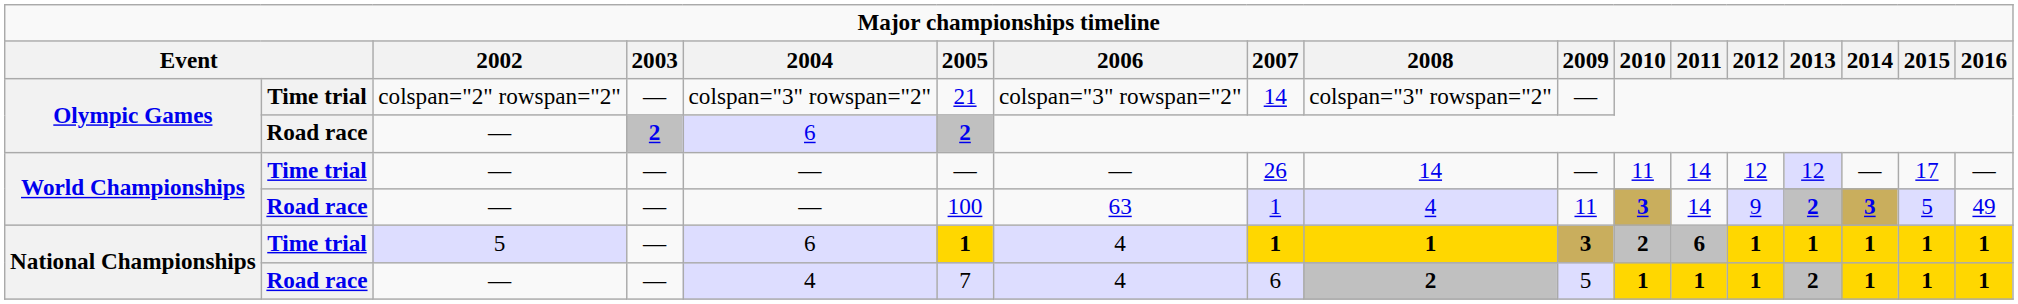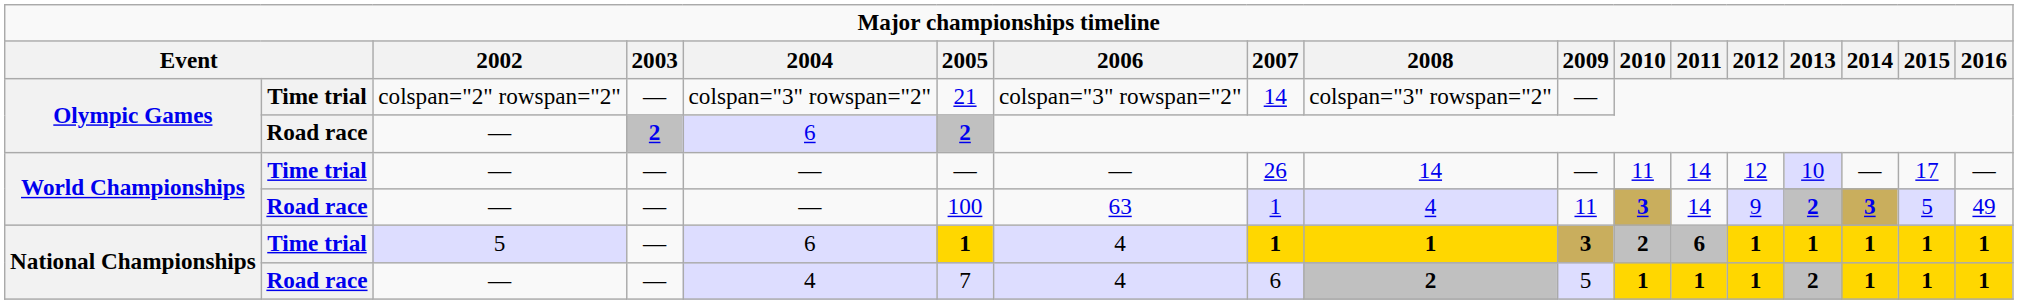 <table class="wikitable plainrowheaders">
 <tr>
 <td colspan=17 align=center><strong>Major championships timeline</strong></td>
 </tr>
 <tr>
 <th scope="col" colspan=2>Event</th>
 <th scope="col">2002</th>
 <th scope="col">2003</th>
 <th scope="col">2004</th>
 <th scope="col">2005</th>
 <th scope="col">2006</th>
 <th scope="col">2007</th>
 <th scope="col">2008</th>
 <th scope="col">2009</th>
 <th scope="col">2010</th>
 <th scope="col">2011</th>
 <th scope="col">2012</th>
 <th scope="col">2013</th>
 <th scope="col">2014</th>
 <th scope="col">2015</th>
 <th scope="col">2016</th>
 </tr>
 <tr style="text-align:center;">
 <th scope="row" rowspan=2> <a href='#'>Olympic Games</a></th>
 <th scope="row">Time trial</th>
 <td>colspan="2" rowspan="2" </td>
 <td>—</td>
 <td>colspan="3" rowspan="2" </td>
 <td><a href='#'>21</a></td>
 <td>colspan="3" rowspan="2" </td>
 <td><a href='#'>14</a></td>
 <td>colspan="3" rowspan="2" </td>
 <td>—</td>
 </tr>
 <tr style="text-align:center;">
 <th scope="row">Road race</th>
 <td>—</td>
 <td style="background:silver;"><strong><a href='#'>2</a></strong></td>
 <td style="background:#ddf;"><a href='#'>6</a></td>
 <td style="background:silver;"><strong><a href='#'>2</a></strong></td>
 </tr>
 <tr style="text-align:center;">
 <th scope="row" rowspan=2> <a href='#'>World Championships</a></th>
 <th scope="row"><a href='#'>Time trial</a></th>
 <td>—</td>
 <td>—</td>
 <td>—</td>
 <td>—</td>
 <td>—</td>
 <td><a href='#'>26</a></td>
 <td><a href='#'>14</a></td>
 <td>—</td>
 <td><a href='#'>11</a></td>
 <td><a href='#'>14</a></td>
 <td><a href='#'>12</a></td>
-<td style="background:#ddf;"><a href='#'>12</a></td>
+<td style="background:#ddf;"><a href='#'>10</a></td>
 <td>—</td>
 <td><a href='#'>17</a></td>
 <td>—</td>
 </tr>
 <tr style="text-align:center;">
 <th scope="row"><a href='#'>Road race</a></th>
 <td>—</td>
 <td>—</td>
 <td>—</td>
 <td><a href='#'>100</a></td>
 <td><a href='#'>63</a></td>
 <td style="background:#ddf;"><a href='#'>1</a></td>
 <td style="background:#ddf;"><a href='#'>4</a></td>
 <td><a href='#'>11</a></td>
 <td style="background:#C9AE5D;"><a href='#'><strong>3</strong></a></td>
 <td><a href='#'>14</a></td>
 <td style="background:#ddf;"><a href='#'>9</a></td>
 <td style="background:#C0C0C0;"><a href='#'><strong>2</strong></a></td>
 <td style="background:#C9AE5D;"><a href='#'><strong>3</strong></a></td>
 <td style="background:#ddf;"><a href='#'>5</a></td>
 <td><a href='#'>49</a></td>
 </tr>
 <tr style="text-align:center;">
 <th scope="row" rowspan=2> National Championships</th>
 <th scope="row"><a href='#'>Time trial</a></th>
 <td style="background:#ddf;">5</td>
 <td>—</td>
 <td style="background:#ddf;">6</td>
 <td style="background:gold;"><strong>1</strong></td>
 <td style="background:#ddf;">4</td>
 <td style="background:gold;"><strong>1</strong></td>
 <td style="background:gold;"><strong>1</strong></td>
 <td style="background:#C9AE5D;"><strong>3</strong></td>
 <td style="background:#C0C0C0;"><strong>2</strong></td>
 <td style="background:#C0C0C0;"><strong>6</strong></td>
 <td style="background:gold;"><strong>1</strong></td>
 <td style="background:gold;"><strong>1</strong></td>
 <td style="background:gold;"><strong>1</strong></td>
 <td style="background:gold;"><strong>1</strong></td>
 <td style="background:gold;"><strong>1</strong></td>
 </tr>
 <tr style="text-align:center;">
 <th scope="row"><a href='#'>Road race</a></th>
 <td>—</td>
 <td>—</td>
 <td style="background:#ddf;">4</td>
 <td style="background:#ddf;">7</td>
 <td style="background:#ddf;">4</td>
 <td style="background:#ddf;">6</td>
 <td style="background:#C0C0C0;"><strong>2</strong></td>
 <td style="background:#ddf;">5</td>
 <td style="background:gold;"><strong>1</strong></td>
 <td style="background:gold;"><strong>1</strong></td>
 <td style="background:gold;"><strong>1</strong></td>
 <td style="background:#C0C0C0;"><strong>2</strong></td>
 <td style="background:gold;"><strong>1</strong></td>
 <td style="background:gold;"><strong>1</strong></td>
 <td style="background:gold;"><strong>1</strong></td>
 </tr>
 </table>
